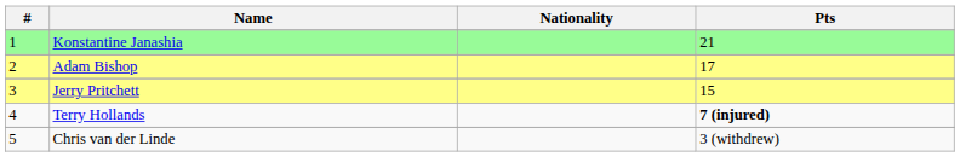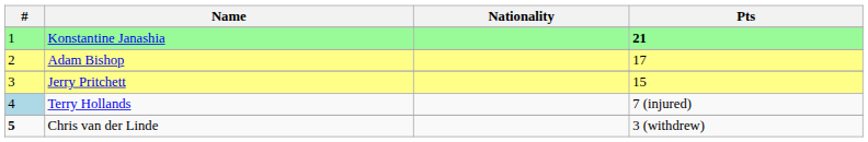 <table class="wikitable" style="display: inline-table; width: 50%;">
 <tr>
 <th>#</th>
 <th>Name</th>
 <th>Nationality</th>
 <th>Pts</th>
 </tr>
 <tr>
 </tr>
 <tr style="background:palegreen">
 <td>1</td>
 <td><a href='#'>Konstantine Janashia</a></td>
 <td></td>
-<td>21</td>
+<td><strong>21</strong></td>
 </tr>
 <tr>
 </tr>
 <tr style="background:#ff8">
 <td>2</td>
 <td><a href='#'>Adam Bishop</a></td>
 <td></td>
 <td>17</td>
 </tr>
 <tr>
 </tr>
 <tr style="background:#ff8">
 <td>3</td>
 <td><a href='#'>Jerry Pritchett</a></td>
 <td></td>
 <td>15</td>
 </tr>
 <tr>
-<td>4</td>
+<td style="background: lightblue;">4</td>
 <td><a href='#'>Terry Hollands</a></td>
 <td></td>
-<td><strong>7 (injured)</strong></td>
+<td>7 (injured)</td>
 </tr>
 <tr>
 </tr>
 <tr>
-<td>5</td>
+<td><strong>5</strong></td>
 <td>Chris van der Linde</td>
 <td></td>
 <td>3 (withdrew)</td>
 </tr>
 </table>
